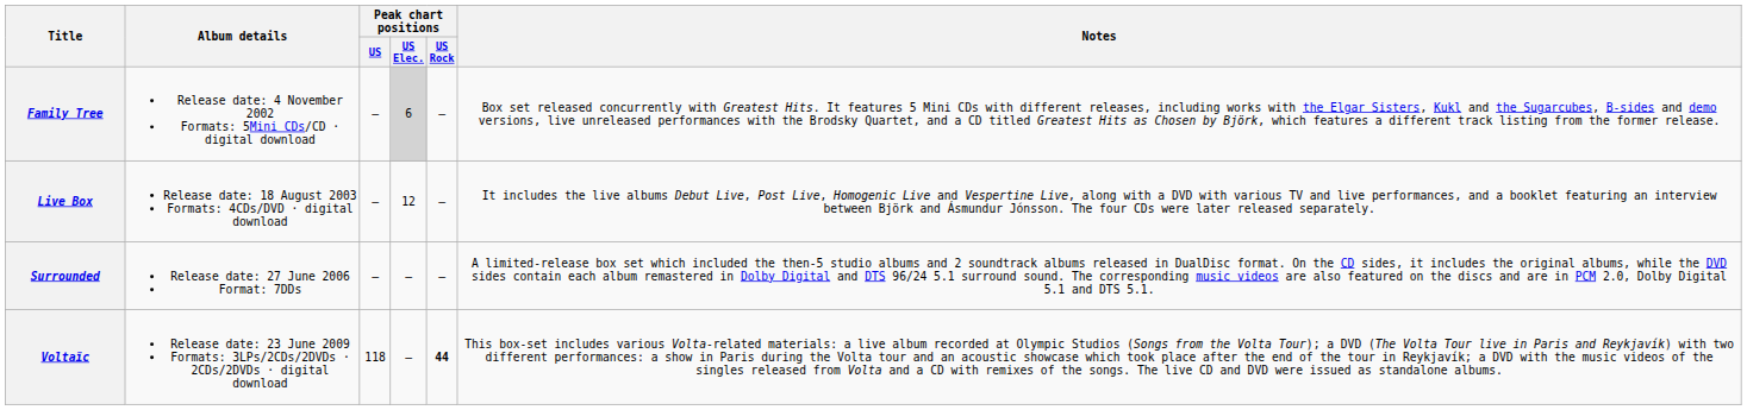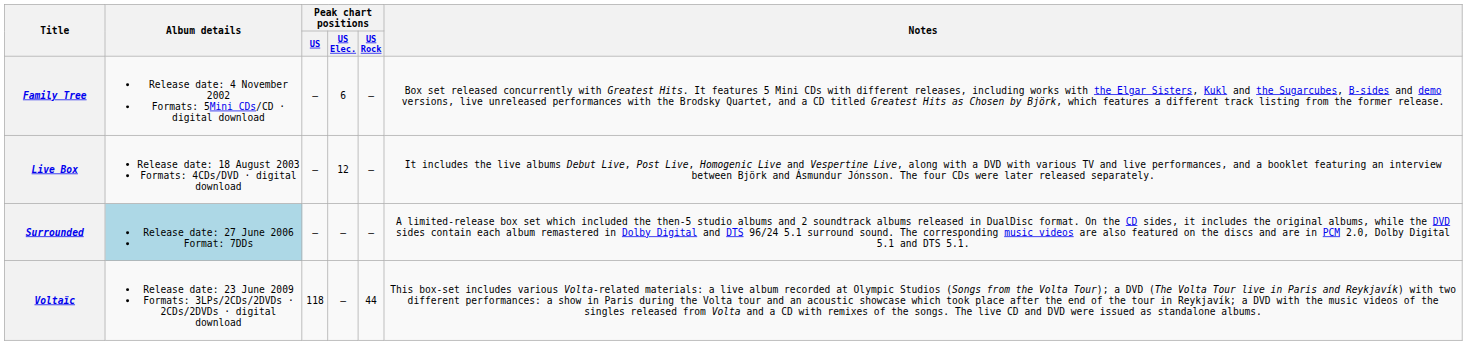 <table class="wikitable plainrowheaders" style="text-align:center;" border="1">
 <tr>
 <th scope="col" rowspan="2" style="width:10em;">Title</th>
 <th scope="col" rowspan="2" style="width:20em;">Album details</th>
 <th scope="col" colspan="3">Peak chart positions</th>
 <th scope="col" rowspan="2">Notes</th>
 </tr>
 <tr>
 <th scope="col" style="width:2.5em;font-size:90%;"><a href='#'>US</a><br></th>
 <th scope="col" style="width:2.5em;font-size:90%;"><a href='#'>US<br>Elec.</a><br></th>
 <th scope="col" style="width:2.5em;font-size:90%;"><a href='#'>US<br>Rock</a><br></th>
 </tr>
 <tr>
 <th scope="row"><em><a href='#'>Family Tree</a></em></th>
 <td><br><ul><li>Release date: 4 November 2002</li><li>Formats: 5<a href='#'>Mini CDs</a>/CD · digital download</li></ul></td>
 <td>—</td>
-<td style="background: lightgrey;">6</td>
+<td>6</td>
 <td>—</td>
 <td>Box set released concurrently with <em>Greatest Hits</em>. It features 5 Mini CDs with different releases, including works with <a href='#'>the Elgar Sisters</a>, <a href='#'>Kukl</a> and <a href='#'>the Sugarcubes</a>, <a href='#'>B-sides</a> and <a href='#'>demo</a> versions, live unreleased performances with the Brodsky Quartet, and a CD titled <em>Greatest Hits as Chosen by Björk</em>, which features a different track listing from the former release.</td>
 </tr>
 <tr>
 <th scope="row"><em><a href='#'>Live Box</a></em></th>
 <td><br><ul><li>Release date: 18 August 2003</li><li>Formats: 4CDs/DVD · digital download</li></ul></td>
 <td>—</td>
 <td>12</td>
 <td>—</td>
 <td>It includes the live albums <em>Debut Live</em>, <em>Post Live</em>, <em>Homogenic Live</em> and <em>Vespertine Live</em>, along with a DVD with various TV and live performances, and a booklet featuring an interview between Björk and Ásmundur Jónsson. The four CDs were later released separately.</td>
 </tr>
 <tr>
 <th scope="row"><em><a href='#'>Surrounded</a></em></th>
-<td><br><ul><li>Release date: 27 June 2006</li><li>Format: 7DDs</li></ul></td>
+<td style="background: lightblue;"><br><ul><li>Release date: 27 June 2006</li><li>Format: 7DDs</li></ul></td>
 <td>—</td>
 <td>—</td>
 <td>—</td>
 <td>A limited-release box set which included the then-5 studio albums and 2 soundtrack albums released in DualDisc format. On the <a href='#'>CD</a> sides, it includes the original albums, while the <a href='#'>DVD</a> sides contain each album remastered in <a href='#'>Dolby Digital</a> and <a href='#'>DTS</a> 96/24 5.1 surround sound. The corresponding <a href='#'>music videos</a> are also featured on the discs and are in <a href='#'>PCM</a> 2.0, Dolby Digital 5.1 and DTS 5.1.</td>
 </tr>
 <tr>
 <th scope="row"><em><a href='#'>Voltaïc</a></em></th>
 <td><br><ul><li>Release date: 23 June 2009</li><li>Formats: 3LPs/2CDs/2DVDs · 2CDs/2DVDs · digital download</li></ul></td>
 <td>118</td>
 <td>—</td>
-<td><strong>44</strong></td>
+<td>44</td>
 <td>This box-set includes various <em>Volta</em>-related materials: a live album recorded at Olympic Studios (<em>Songs from the Volta Tour</em>); a DVD (<em>The Volta Tour live in Paris and Reykjavík</em>) with two different performances: a show in Paris during the Volta tour and an acoustic showcase which took place after the end of the tour in Reykjavík; a DVD with the music videos of the singles released from <em>Volta</em> and a CD with remixes of the songs. The live CD and DVD were issued as standalone albums.</td>
 </tr>
 </table>
